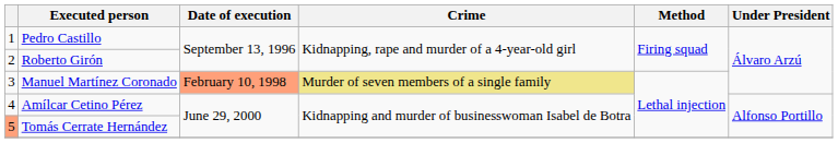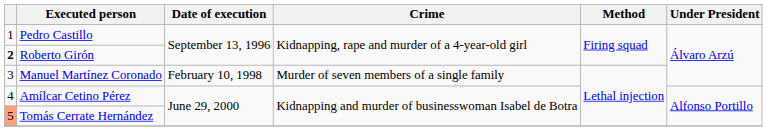 <table class="wikitable">
 <tr>
 <th></th>
 <th>Executed person</th>
 <th>Date of execution</th>
 <th>Crime</th>
 <th>Method</th>
 <th>Under President</th>
 </tr>
 <tr>
 <td>1</td>
 <td><a href='#'>Pedro Castillo</a></td>
 <td rowspan="2">September 13, 1996</td>
 <td rowspan="2">Kidnapping, rape and murder of a 4-year-old girl</td>
 <td rowspan="2"><a href='#'>Firing squad</a></td>
 <td rowspan="3"><a href='#'>Álvaro Arzú</a></td>
 </tr>
 <tr --->
-<td>2</td>
+<td><strong>2</strong></td>
 <td><a href='#'>Roberto Girón</a></td>
 </tr>
 <tr --->
 <td>3</td>
 <td><a href='#'>Manuel Martínez Coronado</a></td>
-<td style="background: lightsalmon;">February 10, 1998</td>
-<td style="background: khaki;">Murder of seven members of a single family</td>
+<td>February 10, 1998</td>
+<td>Murder of seven members of a single family</td>
 <td rowspan="3"><a href='#'>Lethal injection</a></td>
 </tr>
 <tr --->
 <td>4</td>
 <td><a href='#'>Amílcar Cetino Pérez</a></td>
 <td rowspan="2">June 29, 2000</td>
 <td rowspan="2">Kidnapping and murder of businesswoman Isabel de Botra</td>
 <td rowspan="2"><a href='#'>Alfonso Portillo</a></td>
 </tr>
 <tr --->
 <td style="background: lightsalmon;">5</td>
 <td><a href='#'>Tomás Cerrate Hernández</a></td>
 </tr>
 <tr --->
 </tr>
 </table>
